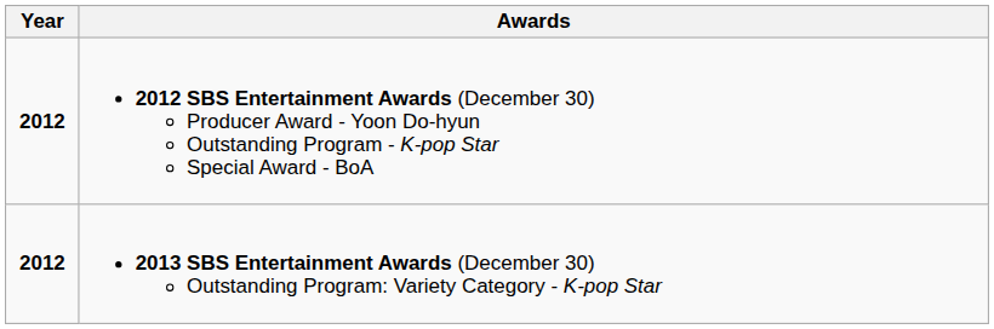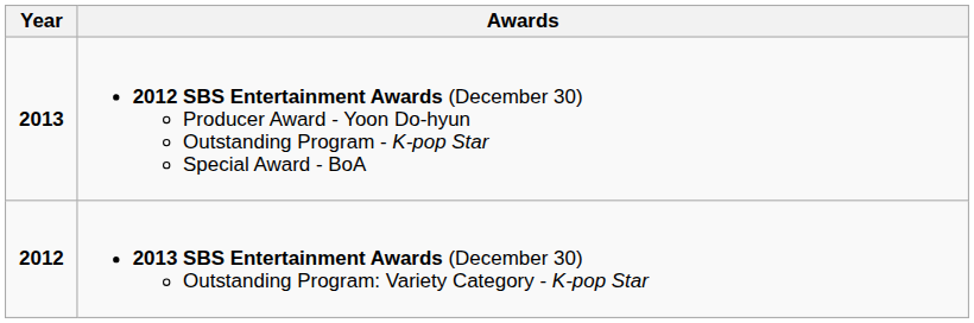 <table class="wikitable">
 <tr>
 <th align="left" width="50px">Year</th>
 <th align="left" width="700px">Awards</th>
 </tr>
 <tr>
-<td align="center"><strong>2012</strong></td>
+<td align="center"><strong>2013</strong></td>
 <td align="left"><br><ul><li><strong>2012 SBS Entertainment Awards</strong> (December 30)<ul><li>Producer Award - Yoon Do-hyun</li><li>Outstanding Program - <em>K-pop Star</em></li><li>Special Award - BoA</li></ul></li></ul></td>
 </tr>
 <tr>
 <td align="center"><strong>2012</strong></td>
 <td align="left"><br><ul><li><strong>2013 SBS Entertainment Awards</strong> (December 30)<ul><li>Outstanding Program: Variety Category - <em>K-pop Star</em></li></ul></li></ul></td>
 </tr>
 </table>
